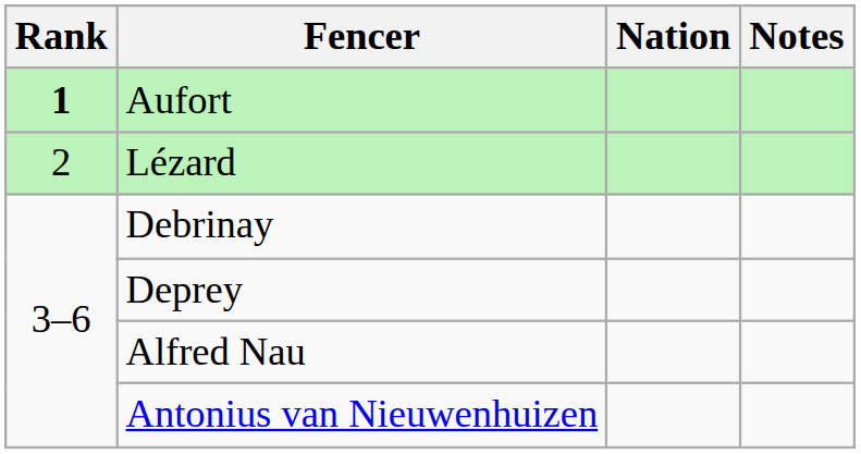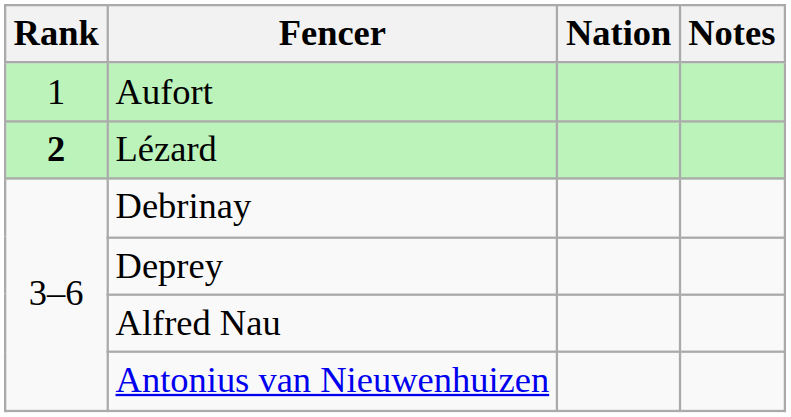 <table class="wikitable sortable" style="text-align:center">
 <tr>
 <th>Rank</th>
 <th>Fencer</th>
 <th>Nation</th>
 <th>Notes</th>
 </tr>
 <tr bgcolor=bbf3bb>
-<td><strong>1</strong></td>
+<td>1</td>
 <td align=left>Aufort</td>
 <td align=left></td>
 <td></td>
 </tr>
 <tr bgcolor=bbf3bb>
-<td>2</td>
+<td><strong>2</strong></td>
 <td align=left>Lézard</td>
 <td align=left></td>
 <td></td>
 </tr>
 <tr>
 <td rowspan=4>3–6</td>
 <td align=left>Debrinay</td>
 <td align=left></td>
 <td></td>
 </tr>
 <tr>
 <td align=left>Deprey</td>
 <td align=left></td>
 <td></td>
 </tr>
 <tr>
 <td align=left>Alfred Nau</td>
 <td align=left></td>
 <td></td>
 </tr>
 <tr>
 <td align=left><a href='#'>Antonius van Nieuwenhuizen</a></td>
 <td align=left></td>
 <td></td>
 </tr>
 </table>
